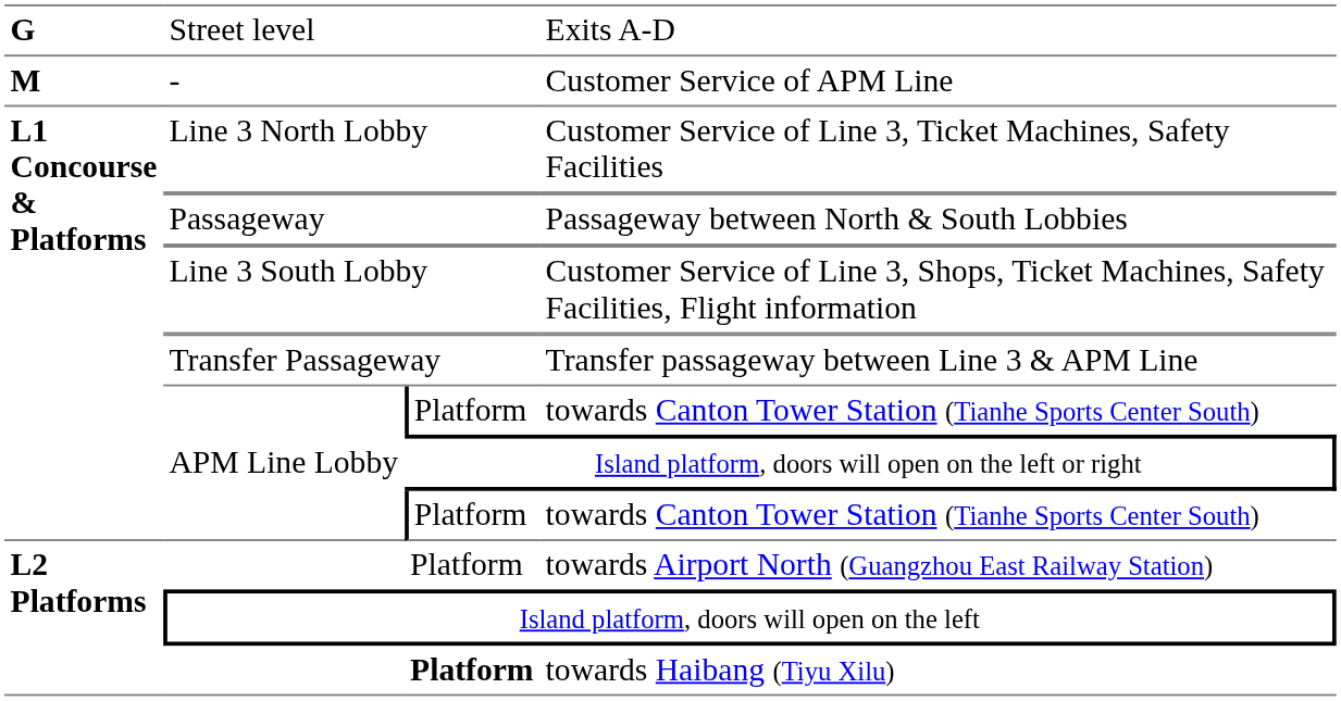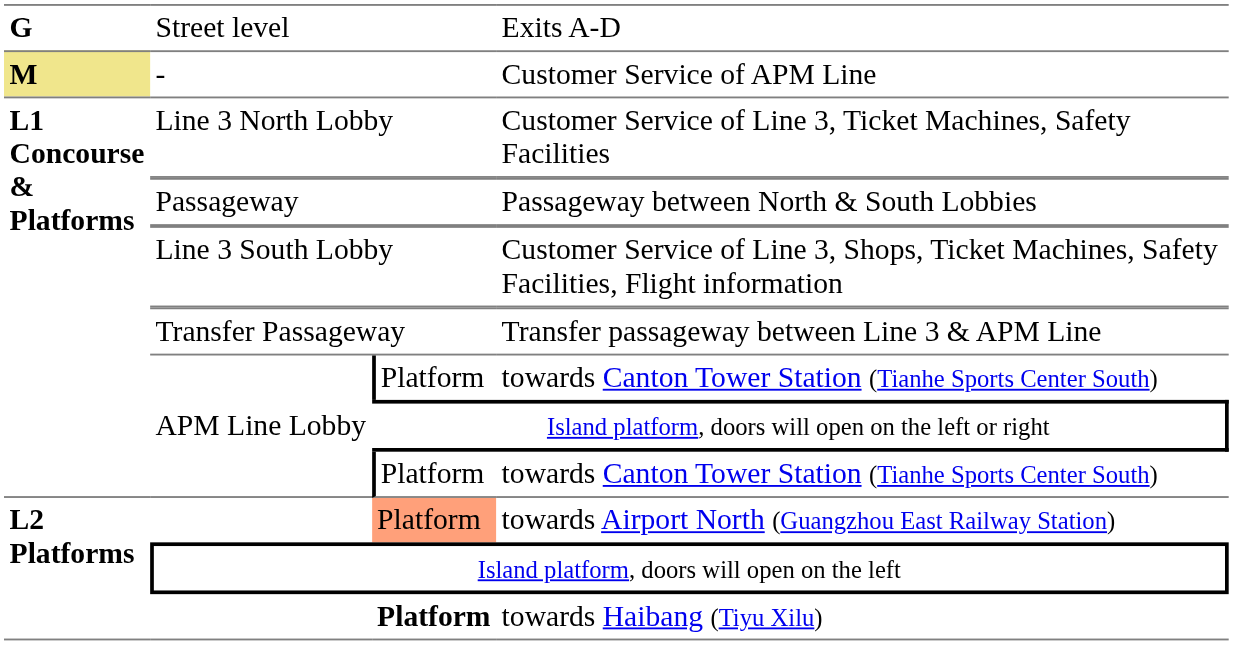 <table table border=0 cellspacing=0 cellpadding=3>
 <tr>
 <td style="border-top:solid 1px gray;" width=50 valign=top><strong>G</strong></td>
 <td colspan=2 style="border-top:solid 1px gray;" width=100 valign=top>Street level</td>
 <td style="border-top:solid 1px gray;" width=390 valign=top>Exits A-D</td>
 </tr>
 <tr>
-<td style="border-top:solid 1px gray;" width=50 valign=top><strong>M</strong></td>
+<td style="background: khaki; border-top:solid 1px gray;" width=50 valign=top><strong>M</strong></td>
 <td colspan=2 style="border-top:solid 1px gray;" width=100 valign=top>-</td>
 <td style="border-top:solid 1px gray;" width=390 valign=top>Customer Service of APM Line</td>
 </tr>
 <tr>
 <td style="border-bottom:solid 1px gray; border-top:solid 1px gray;" valign=top width=50 rowspan=7><strong>L1<br>Concourse & Platforms</strong></td>
 <td colspan=2 style="border-bottom:solid 1px gray; border-top:solid 1px gray;" valign=top width=100>Line 3 North Lobby</td>
 <td style="border-bottom:solid 1px gray; border-top:solid 1px gray;" valign=top width=390>Customer Service of Line 3, Ticket Machines, Safety Facilities</td>
 </tr>
 <tr>
 <td colspan=2 style="border-bottom:solid 1px gray; border-top:solid 1px gray;" valign=top width=100>Passageway</td>
 <td style="border-bottom:solid 1px gray; border-top:solid 1px gray;" valign=top width=390>Passageway between North & South Lobbies</td>
 </tr>
 <tr>
 <td colspan=2 style="border-bottom:solid 1px gray; border-top:solid 1px gray;" valign=top width=100>Line 3 South Lobby</td>
 <td style="border-bottom:solid 1px gray; border-top:solid 1px gray;" valign=top width=390>Customer Service of Line 3, Shops, Ticket Machines, Safety Facilities, Flight information</td>
 </tr>
 <tr>
 <td colspan=2 style="border-bottom:solid 1px gray; border-top:solid 1px gray;" valign=top width=100>Transfer Passageway</td>
 <td style="border-bottom:solid 1px gray; border-top:solid 1px gray;" valign=top width=390>Transfer passageway between Line 3 & APM Line</td>
 </tr>
 <tr>
 <td></td>
 <td style="border-left:solid 2px black;">Platform </td>
 <td> towards <a href='#'>Canton Tower Station</a> <small>(<a href='#'>Tianhe Sports Center South</a>)</small> </td>
 </tr>
 <tr>
 <td>APM Line Lobby</td>
 <td style="border-right:solid 2px black;border-top:solid 2px black;border-bottom:solid 2px black;text-align:center;" colspan=2><small><a href='#'>Island platform</a>, doors will open on the left or right</small></td>
 </tr>
 <tr>
 <td style="border-bottom:solid 1px gray;"></td>
 <td style="border-bottom:solid 1px gray;border-left:solid 2px black;">Platform </td>
 <td style="border-bottom:solid 1px gray;"> towards <a href='#'>Canton Tower Station</a> <small>(<a href='#'>Tianhe Sports Center South</a>)</small> </td>
 </tr>
 <tr>
 <td style="border-bottom:solid 1px gray;" rowspan=3 valign=top><strong>L2<br>Platforms</strong></td>
 <td></td>
-<td>Platform </td>
+<td style="background: lightsalmon;">Platform </td>
 <td>  towards <a href='#'>Airport North</a> <small>(<a href='#'>Guangzhou East Railway Station</a>)</small></td>
 </tr>
 <tr>
 <td style="border-right:solid 2px black;border-left:solid 2px black;border-top:solid 2px black;border-bottom:solid 2px black;text-align:center;" colspan=3><small><a href='#'>Island platform</a>, doors will open on the left</small></td>
 </tr>
 <tr>
 <td style="border-bottom:solid 1px gray;"></td>
 <td style="border-bottom:solid 1px gray;"><strong>Platform </strong></td>
 <td style="border-bottom:solid 1px gray;"> towards <a href='#'>Haibang</a> <small>(<a href='#'>Tiyu Xilu</a>)</small> </td>
 </tr>
 </table>
